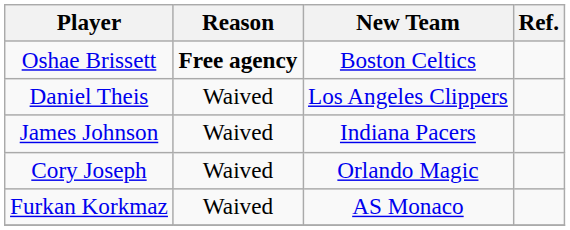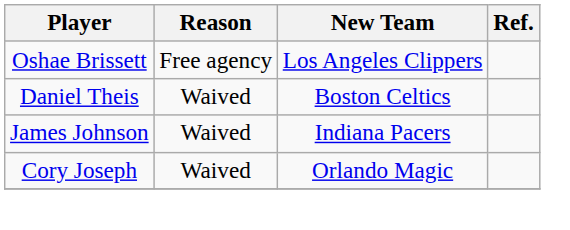 <table class="wikitable sortable sortable" style="text-align: center">
 <tr>
 <th>Player</th>
 <th>Reason</th>
 <th>New Team</th>
 <th>Ref.</th>
 </tr>
 <tr>
 <td><a href='#'>Oshae Brissett</a></td>
-<td><strong>Free agency</strong></td>
-<td><a href='#'>Boston Celtics</a></td>
+<td>Free agency</td>
+<td><a href='#'>Los Angeles Clippers</a></td>
 <td></td>
 </tr>
 <tr>
 <td><a href='#'>Daniel Theis</a></td>
 <td>Waived</td>
-<td><a href='#'>Los Angeles Clippers</a></td>
+<td><a href='#'>Boston Celtics</a></td>
 <td></td>
 </tr>
 <tr>
 <td><a href='#'>James Johnson</a></td>
 <td>Waived</td>
 <td><a href='#'>Indiana Pacers</a></td>
 <td></td>
 </tr>
 <tr>
 <td><a href='#'>Cory Joseph</a></td>
 <td>Waived</td>
 <td><a href='#'>Orlando Magic</a></td>
 <td></td>
 </tr>
 <tr>
-<td><a href='#'>Furkan Korkmaz</a></td>
-<td>Waived</td>
-<td><a href='#'>AS Monaco</a></td>
-<td></td>
-</tr>
-<tr>
 </tr>
 </table>
